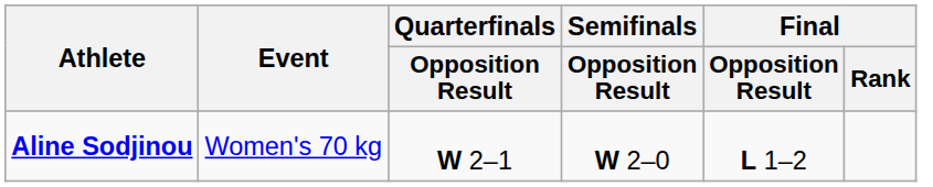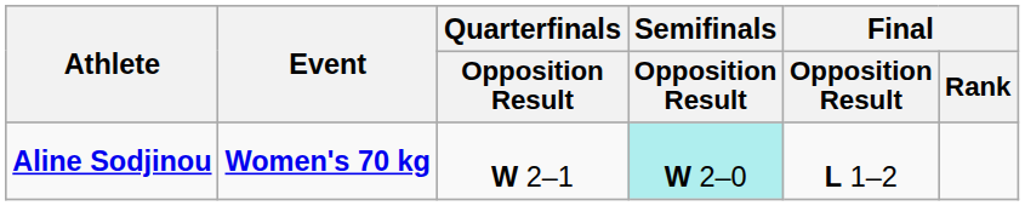 <table class="wikitable" style="font-size:90%">
 <tr>
 <th rowspan=2>Athlete</th>
 <th rowspan=2>Event</th>
 <th>Quarterfinals</th>
 <th>Semifinals</th>
 <th colspan=2>Final</th>
 </tr>
 <tr style="font-size:95%">
 <th>Opposition<br>Result</th>
 <th>Opposition<br>Result</th>
 <th>Opposition<br>Result</th>
 <th>Rank</th>
 </tr>
 <tr align=center>
 <td align=left><strong><a href='#'>Aline Sodjinou</a></strong></td>
-<td align=left><a href='#'>Women's 70 kg</a></td>
+<td align=left><strong><a href='#'>Women's 70 kg</a></strong></td>
 <td><br><strong>W</strong> 2–1</td>
-<td><br><strong>W</strong> 2–0</td>
+<td style="background: paleturquoise;"><br><strong>W</strong> 2–0</td>
 <td><br><strong>L</strong> 1–2</td>
 <td></td>
 </tr>
 </table>
